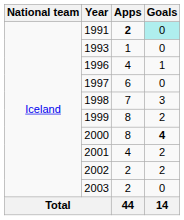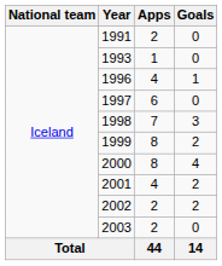 <table class="wikitable" style="text-align:center">
 <tr>
 <th>National team</th>
 <th>Year</th>
 <th>Apps</th>
 <th>Goals</th>
 </tr>
 <tr>
 <td rowspan="10"><a href='#'>Iceland</a></td>
 <td>1991</td>
-<td><strong>2</strong></td>
-<td style="background: paleturquoise;">0</td>
+<td>2</td>
+<td>0</td>
 </tr>
 <tr>
 <td>1993</td>
 <td>1</td>
 <td>0</td>
 </tr>
 <tr>
 <td>1996</td>
 <td>4</td>
 <td>1</td>
 </tr>
 <tr>
 <td>1997</td>
 <td>6</td>
 <td>0</td>
 </tr>
 <tr>
 <td>1998</td>
 <td>7</td>
 <td>3</td>
 </tr>
 <tr>
 <td>1999</td>
 <td>8</td>
 <td>2</td>
 </tr>
 <tr>
 <td>2000</td>
 <td>8</td>
-<td><strong>4</strong></td>
+<td>4</td>
 </tr>
 <tr>
 <td>2001</td>
 <td>4</td>
 <td>2</td>
 </tr>
 <tr>
 <td>2002</td>
 <td>2</td>
 <td>2</td>
 </tr>
 <tr>
 <td>2003</td>
 <td>2</td>
 <td>0</td>
 </tr>
 <tr>
 <th colspan="2">Total</th>
 <th>44</th>
 <th>14</th>
 </tr>
 </table>
